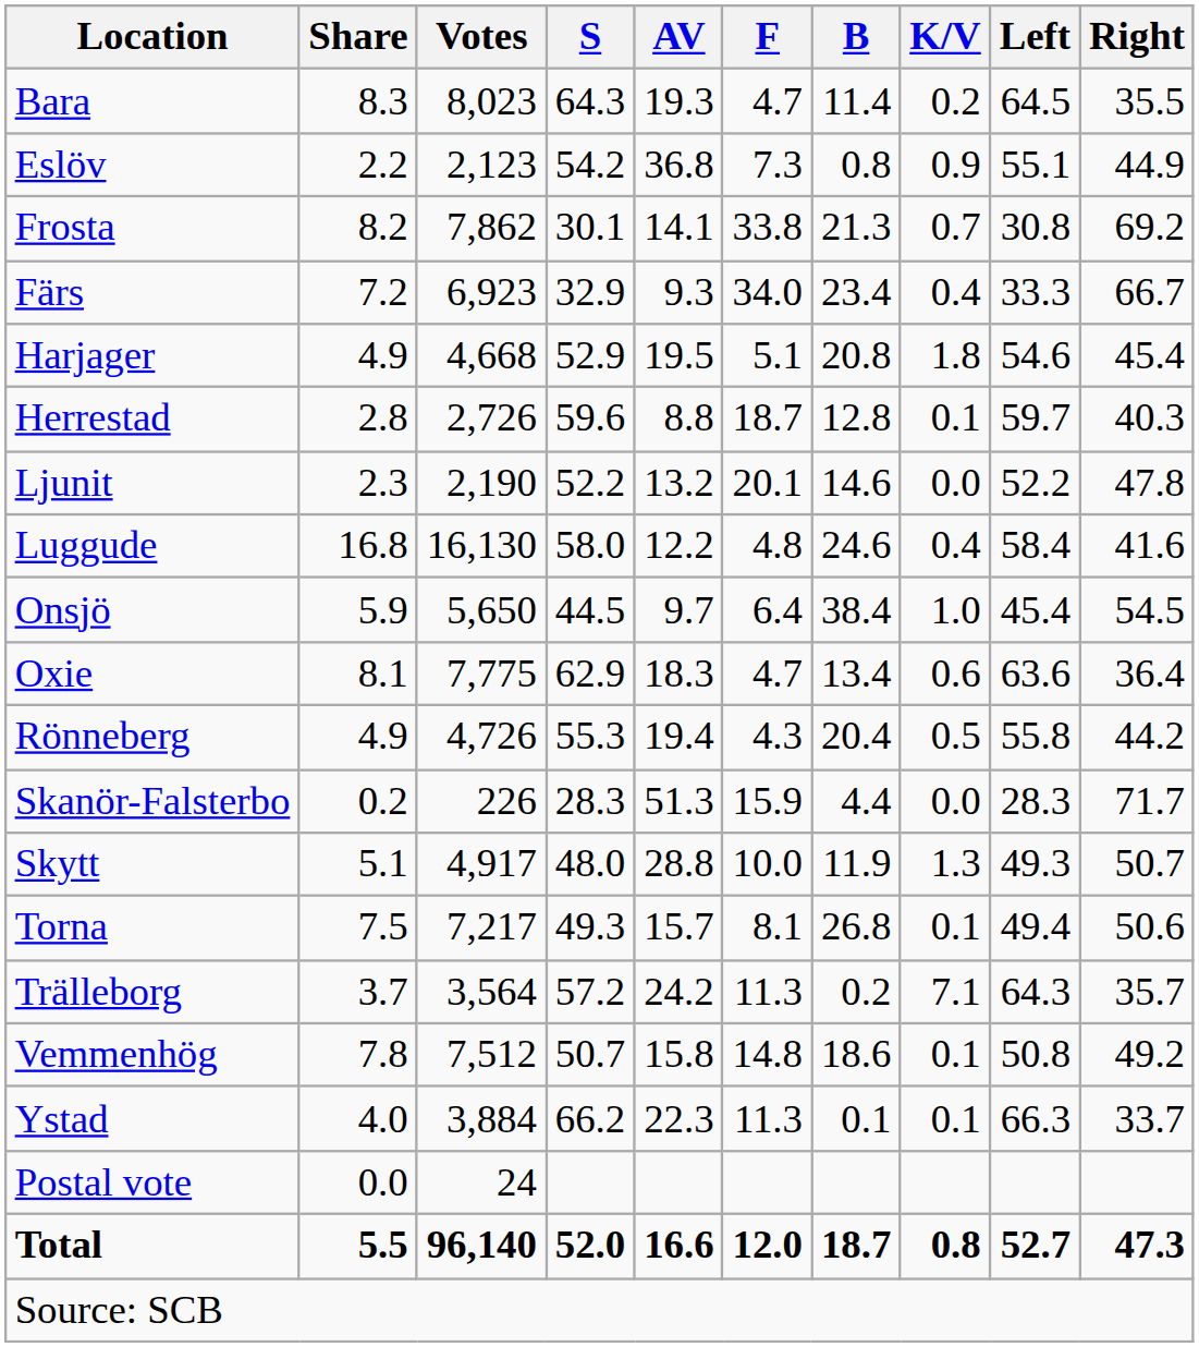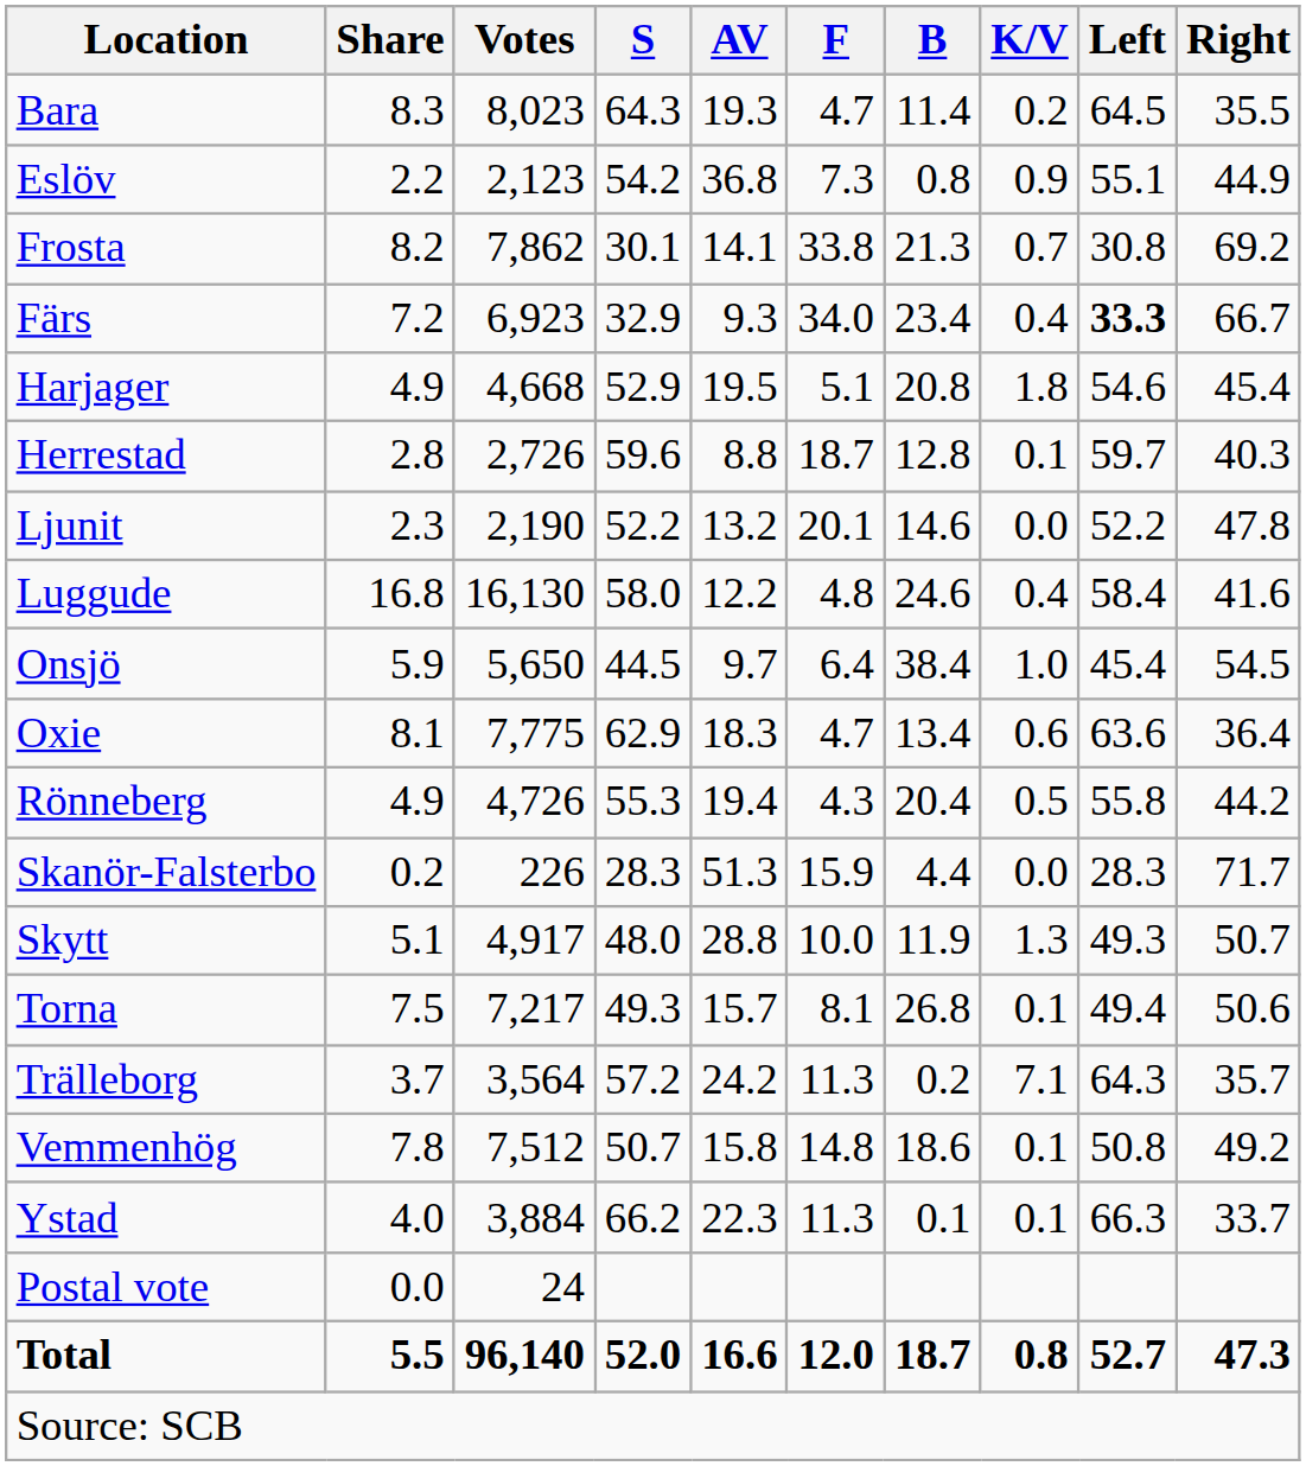 <table class="wikitable sortable" style=text-align:right>
 <tr>
 <th>Location</th>
 <th>Share</th>
 <th>Votes</th>
 <th><a href='#'>S</a></th>
 <th><a href='#'>AV</a></th>
 <th><a href='#'>F</a></th>
 <th><a href='#'>B</a></th>
 <th><a href='#'>K/V</a></th>
 <th>Left</th>
 <th>Right</th>
 </tr>
 <tr>
 <td align=left><a href='#'>Bara</a></td>
 <td>8.3</td>
 <td>8,023</td>
 <td>64.3</td>
 <td>19.3</td>
 <td>4.7</td>
 <td>11.4</td>
 <td>0.2</td>
 <td>64.5</td>
 <td>35.5</td>
 </tr>
 <tr>
 <td align=left><a href='#'>Eslöv</a></td>
 <td>2.2</td>
 <td>2,123</td>
 <td>54.2</td>
 <td>36.8</td>
 <td>7.3</td>
 <td>0.8</td>
 <td>0.9</td>
 <td>55.1</td>
 <td>44.9</td>
 </tr>
 <tr>
 <td align=left><a href='#'>Frosta</a></td>
 <td>8.2</td>
 <td>7,862</td>
 <td>30.1</td>
 <td>14.1</td>
 <td>33.8</td>
 <td>21.3</td>
 <td>0.7</td>
 <td>30.8</td>
 <td>69.2</td>
 </tr>
 <tr>
 <td align=left><a href='#'>Färs</a></td>
 <td>7.2</td>
 <td>6,923</td>
 <td>32.9</td>
 <td>9.3</td>
 <td>34.0</td>
 <td>23.4</td>
 <td>0.4</td>
-<td>33.3</td>
+<td><strong>33.3</strong></td>
 <td>66.7</td>
 </tr>
 <tr>
 <td align=left><a href='#'>Harjager</a></td>
 <td>4.9</td>
 <td>4,668</td>
 <td>52.9</td>
 <td>19.5</td>
 <td>5.1</td>
 <td>20.8</td>
 <td>1.8</td>
 <td>54.6</td>
 <td>45.4</td>
 </tr>
 <tr>
 <td align=left><a href='#'>Herrestad</a></td>
 <td>2.8</td>
 <td>2,726</td>
 <td>59.6</td>
 <td>8.8</td>
 <td>18.7</td>
 <td>12.8</td>
 <td>0.1</td>
 <td>59.7</td>
 <td>40.3</td>
 </tr>
 <tr>
 <td align=left><a href='#'>Ljunit</a></td>
 <td>2.3</td>
 <td>2,190</td>
 <td>52.2</td>
 <td>13.2</td>
 <td>20.1</td>
 <td>14.6</td>
 <td>0.0</td>
 <td>52.2</td>
 <td>47.8</td>
 </tr>
 <tr>
 <td align=left><a href='#'>Luggude</a></td>
 <td>16.8</td>
 <td>16,130</td>
 <td>58.0</td>
 <td>12.2</td>
 <td>4.8</td>
 <td>24.6</td>
 <td>0.4</td>
 <td>58.4</td>
 <td>41.6</td>
 </tr>
 <tr>
 <td align=left><a href='#'>Onsjö</a></td>
 <td>5.9</td>
 <td>5,650</td>
 <td>44.5</td>
 <td>9.7</td>
 <td>6.4</td>
 <td>38.4</td>
 <td>1.0</td>
 <td>45.4</td>
 <td>54.5</td>
 </tr>
 <tr>
 <td align=left><a href='#'>Oxie</a></td>
 <td>8.1</td>
 <td>7,775</td>
 <td>62.9</td>
 <td>18.3</td>
 <td>4.7</td>
 <td>13.4</td>
 <td>0.6</td>
 <td>63.6</td>
 <td>36.4</td>
 </tr>
 <tr>
 <td align=left><a href='#'>Rönneberg</a></td>
 <td>4.9</td>
 <td>4,726</td>
 <td>55.3</td>
 <td>19.4</td>
 <td>4.3</td>
 <td>20.4</td>
 <td>0.5</td>
 <td>55.8</td>
 <td>44.2</td>
 </tr>
 <tr>
 <td align=left><a href='#'>Skanör-Falsterbo</a></td>
 <td>0.2</td>
 <td>226</td>
 <td>28.3</td>
 <td>51.3</td>
 <td>15.9</td>
 <td>4.4</td>
 <td>0.0</td>
 <td>28.3</td>
 <td>71.7</td>
 </tr>
 <tr>
 <td align=left><a href='#'>Skytt</a></td>
 <td>5.1</td>
 <td>4,917</td>
 <td>48.0</td>
 <td>28.8</td>
 <td>10.0</td>
 <td>11.9</td>
 <td>1.3</td>
 <td>49.3</td>
 <td>50.7</td>
 </tr>
 <tr>
 <td align=left><a href='#'>Torna</a></td>
 <td>7.5</td>
 <td>7,217</td>
 <td>49.3</td>
 <td>15.7</td>
 <td>8.1</td>
 <td>26.8</td>
 <td>0.1</td>
 <td>49.4</td>
 <td>50.6</td>
 </tr>
 <tr>
 <td align=left><a href='#'>Trälleborg</a></td>
 <td>3.7</td>
 <td>3,564</td>
 <td>57.2</td>
 <td>24.2</td>
 <td>11.3</td>
 <td>0.2</td>
 <td>7.1</td>
 <td>64.3</td>
 <td>35.7</td>
 </tr>
 <tr>
 <td align=left><a href='#'>Vemmenhög</a></td>
 <td>7.8</td>
 <td>7,512</td>
 <td>50.7</td>
 <td>15.8</td>
 <td>14.8</td>
 <td>18.6</td>
 <td>0.1</td>
 <td>50.8</td>
 <td>49.2</td>
 </tr>
 <tr>
 <td align=left><a href='#'>Ystad</a></td>
 <td>4.0</td>
 <td>3,884</td>
 <td>66.2</td>
 <td>22.3</td>
 <td>11.3</td>
 <td>0.1</td>
 <td>0.1</td>
 <td>66.3</td>
 <td>33.7</td>
 </tr>
 <tr>
 <td align=left><a href='#'>Postal vote</a></td>
 <td>0.0</td>
 <td>24</td>
 <td></td>
 <td></td>
 <td></td>
 <td></td>
 <td></td>
 <td></td>
 <td></td>
 </tr>
 <tr>
 <td align=left><strong>Total</strong></td>
 <td><strong>5.5</strong></td>
 <td><strong>96,140</strong></td>
 <td><strong>52.0</strong></td>
 <td><strong>16.6</strong></td>
 <td><strong>12.0</strong></td>
 <td><strong>18.7</strong></td>
 <td><strong>0.8</strong></td>
 <td><strong>52.7</strong></td>
 <td><strong>47.3</strong></td>
 </tr>
 <tr>
 <td align=left colspan=10>Source: SCB </td>
 </tr>
 </table>
